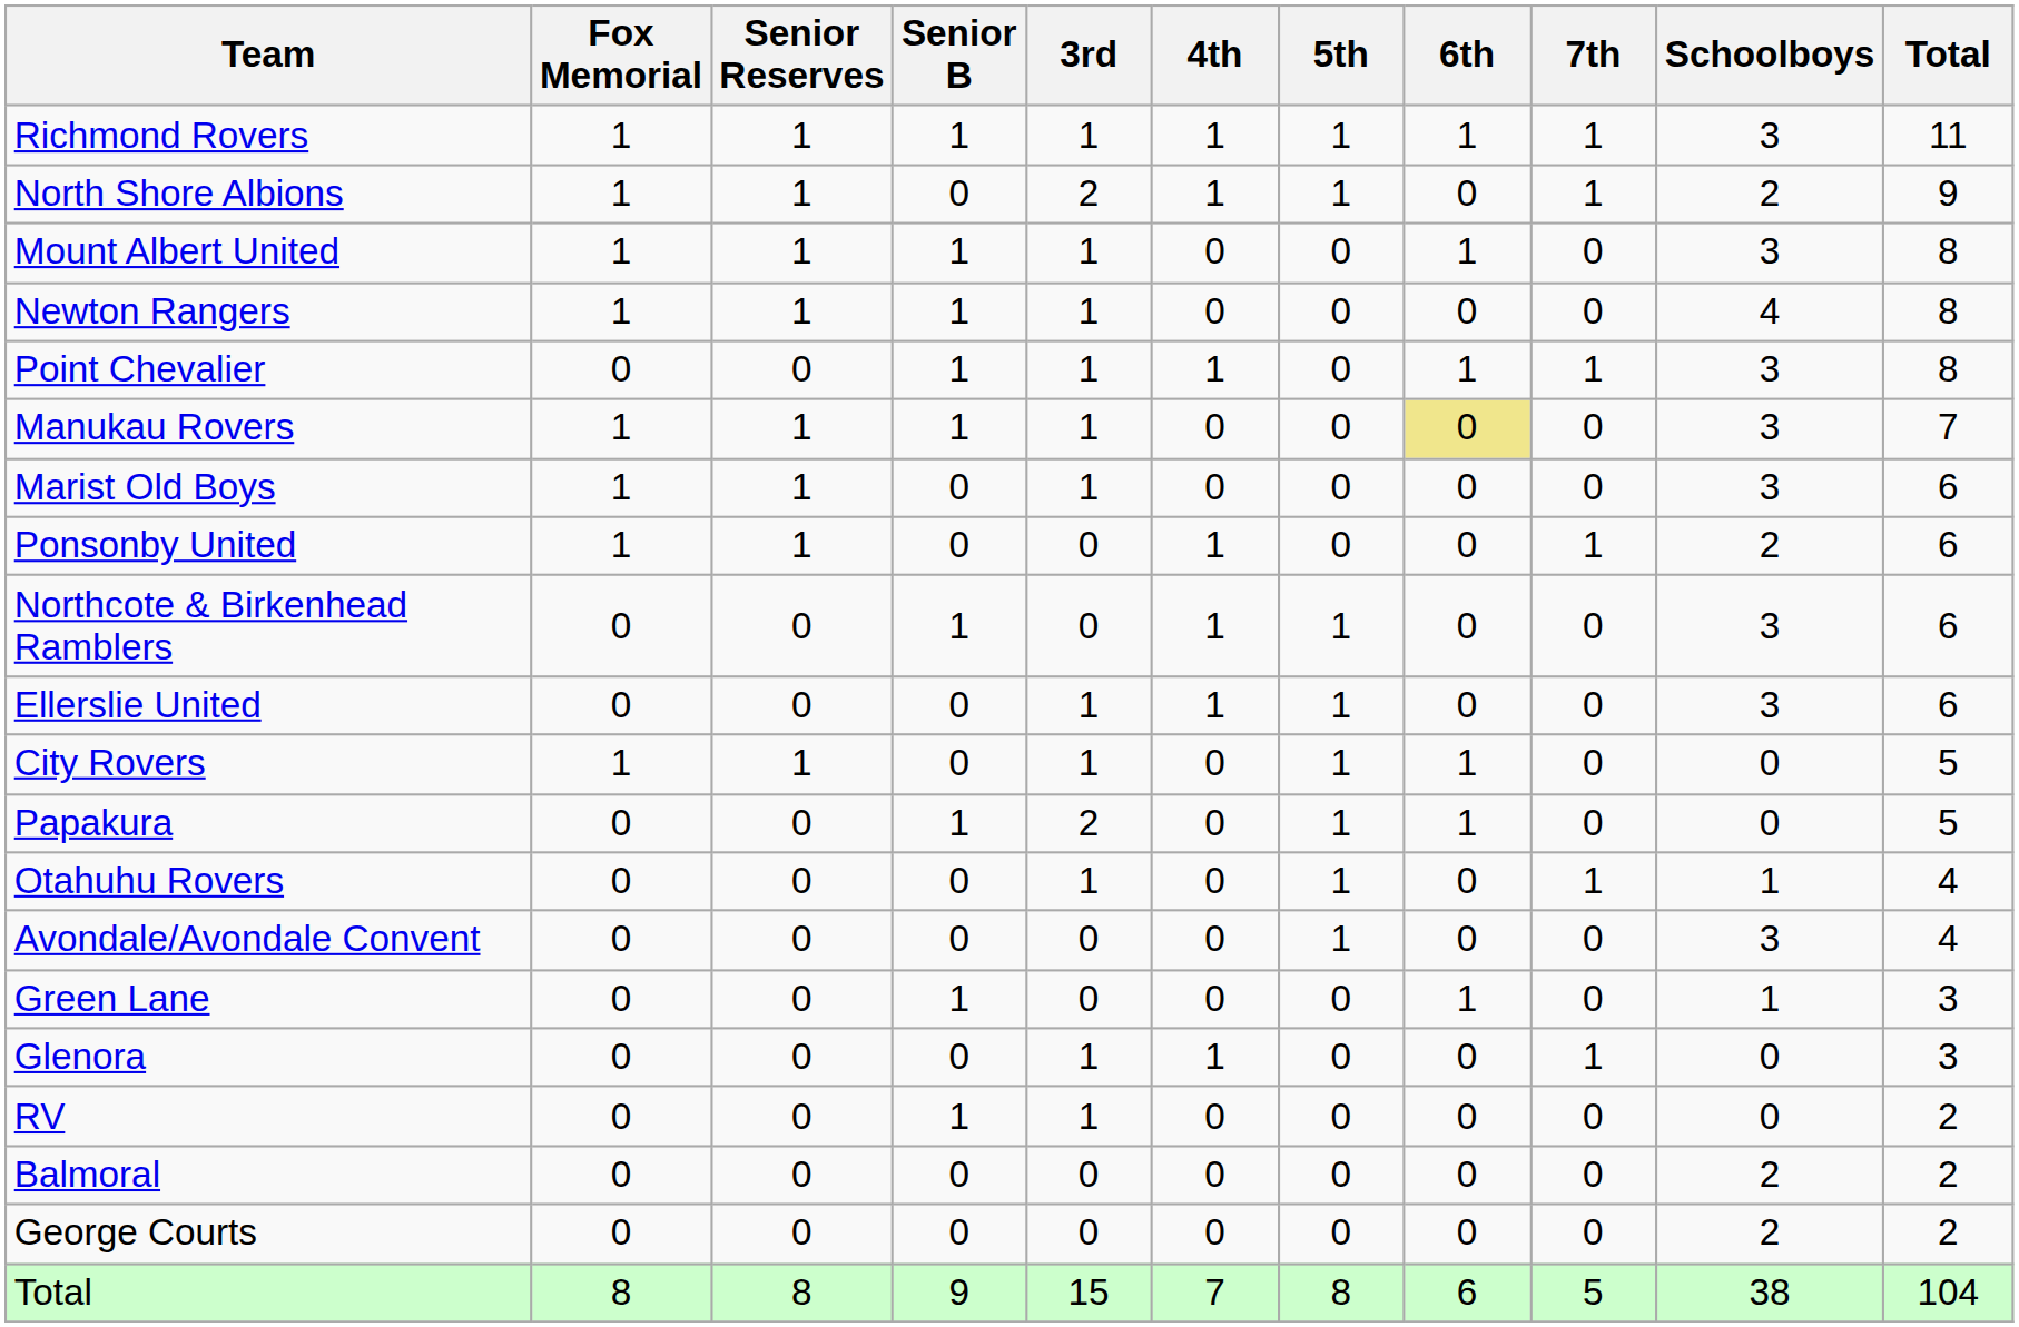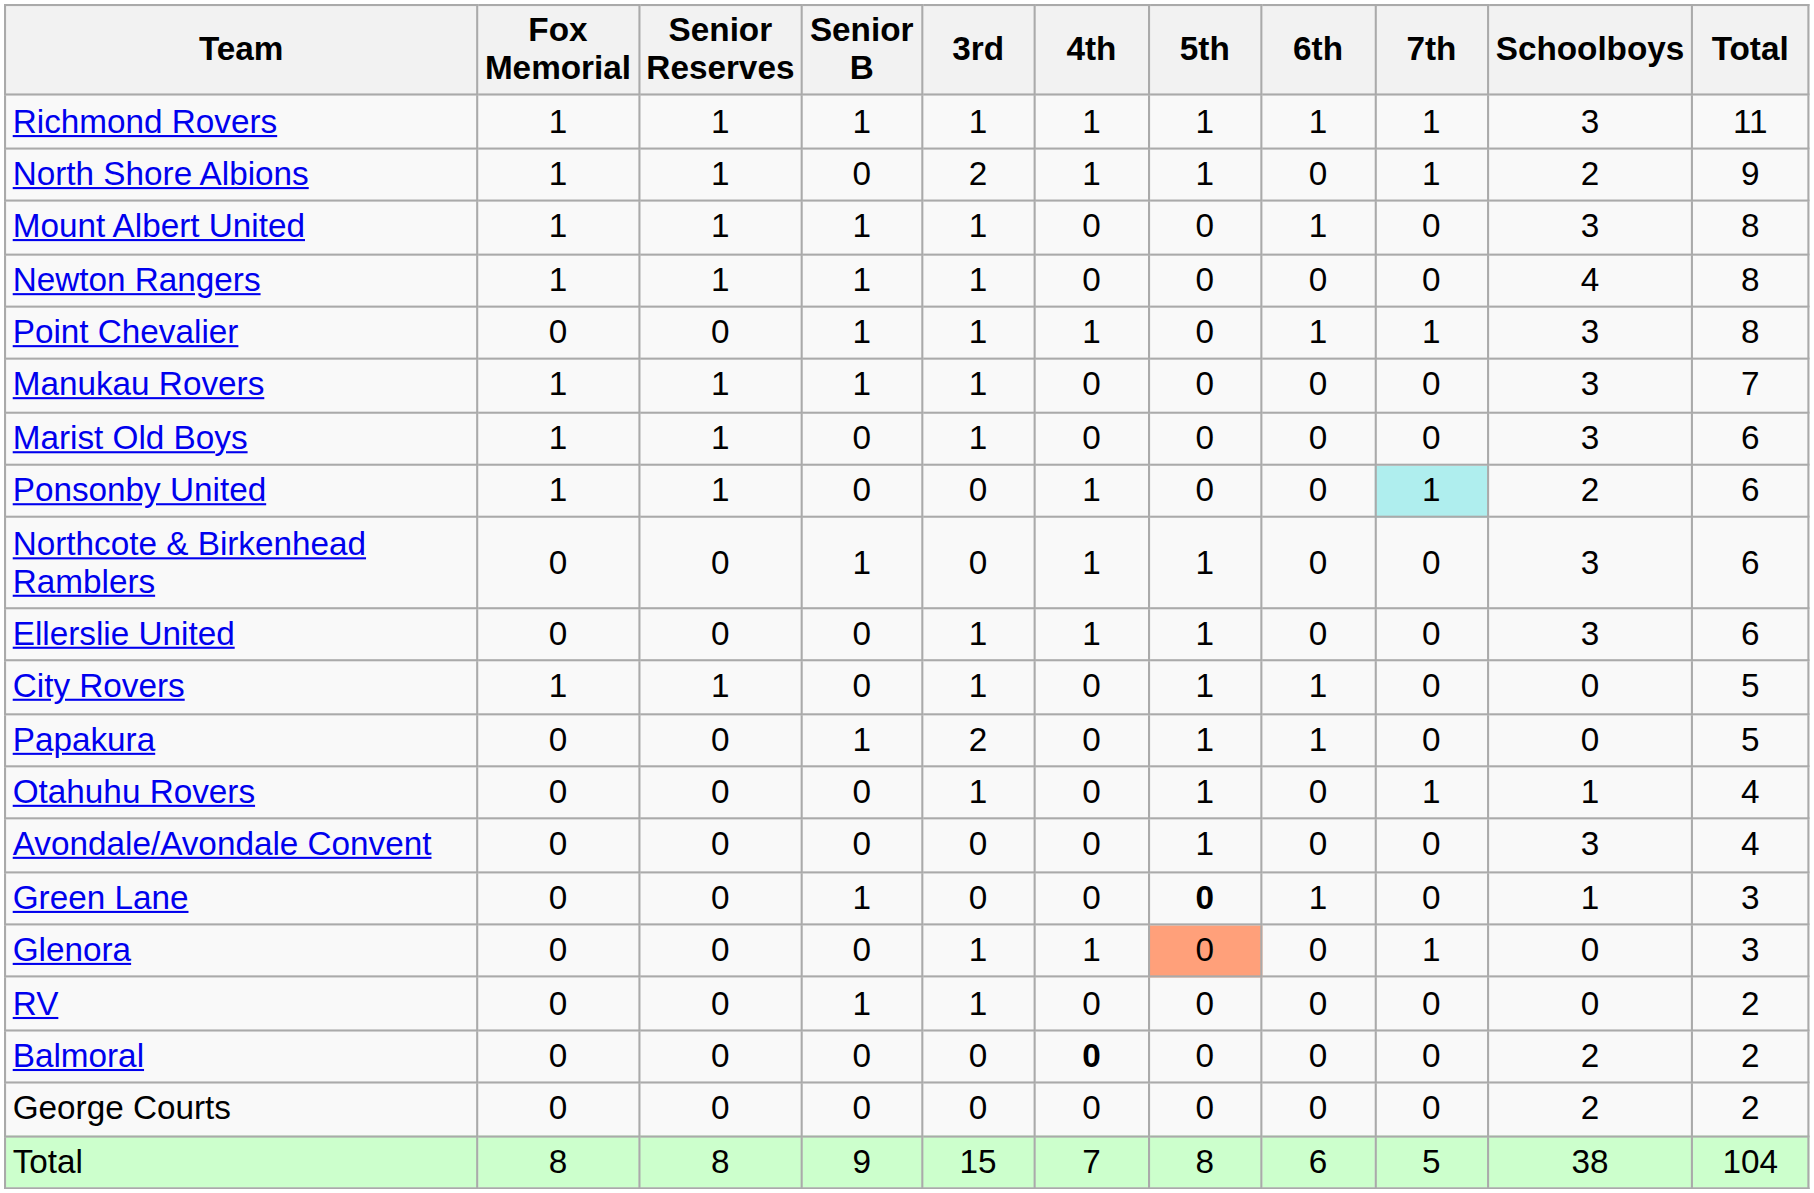 <table class="wikitable" style="text-align:center;">
 <tr>
 <th width=230>Team</th>
 <th width=50 abbr="1st Grade">Fox Memorial</th>
 <th width=50 abbr="Reserves">Senior Reserves</th>
 <th width=50 abbr="Reserves">Senior B</th>
 <th width=50 abbr="3rd Grade">3rd</th>
 <th width=50 abbr="4th Grade">4th</th>
 <th width=50 abbr="5th Grade">5th</th>
 <th width=50 abbr="6th Grade">6th</th>
 <th width=50 abbr="7th Grade">7th</th>
 <th width=50 abbr="Schoolboys">Schoolboys</th>
 <th width=50 abbr="Total">Total</th>
 </tr>
 <tr>
 <td style="text-align:left;"><a href='#'>Richmond Rovers</a></td>
 <td>1</td>
 <td>1</td>
 <td>1</td>
 <td>1</td>
 <td>1</td>
 <td>1</td>
 <td>1</td>
 <td>1</td>
 <td>3</td>
 <td>11</td>
 </tr>
 <tr>
 <td style="text-align:left;"><a href='#'>North Shore Albions</a></td>
 <td>1</td>
 <td>1</td>
 <td>0</td>
 <td>2</td>
 <td>1</td>
 <td>1</td>
 <td>0</td>
 <td>1</td>
 <td>2</td>
 <td>9</td>
 </tr>
 <tr>
 <td style="text-align:left;"><a href='#'>Mount Albert United</a></td>
 <td>1</td>
 <td>1</td>
 <td>1</td>
 <td>1</td>
 <td>0</td>
 <td>0</td>
 <td>1</td>
 <td>0</td>
 <td>3</td>
 <td>8</td>
 </tr>
 <tr>
 <td style="text-align:left;"><a href='#'>Newton Rangers</a></td>
 <td>1</td>
 <td>1</td>
 <td>1</td>
 <td>1</td>
 <td>0</td>
 <td>0</td>
 <td>0</td>
 <td>0</td>
 <td>4</td>
 <td>8</td>
 </tr>
 <tr>
 <td style="text-align:left;"><a href='#'>Point Chevalier</a></td>
 <td>0</td>
 <td>0</td>
 <td>1</td>
 <td>1</td>
 <td>1</td>
 <td>0</td>
 <td>1</td>
 <td>1</td>
 <td>3</td>
 <td>8</td>
 </tr>
 <tr>
 <td style="text-align:left;"><a href='#'>Manukau Rovers</a></td>
 <td>1</td>
 <td>1</td>
 <td>1</td>
 <td>1</td>
 <td>0</td>
 <td>0</td>
-<td style="background: khaki;">0</td>
+<td>0</td>
 <td>0</td>
 <td>3</td>
 <td>7</td>
 </tr>
 <tr>
 <td style="text-align:left;"><a href='#'>Marist Old Boys</a></td>
 <td>1</td>
 <td>1</td>
 <td>0</td>
 <td>1</td>
 <td>0</td>
 <td>0</td>
 <td>0</td>
 <td>0</td>
 <td>3</td>
 <td>6</td>
 </tr>
 <tr>
 <td style="text-align:left;"><a href='#'>Ponsonby United</a></td>
 <td>1</td>
 <td>1</td>
 <td>0</td>
 <td>0</td>
 <td>1</td>
 <td>0</td>
 <td>0</td>
-<td>1</td>
+<td style="background: paleturquoise;">1</td>
 <td>2</td>
 <td>6</td>
 </tr>
 <tr>
 <td style="text-align:left;"><a href='#'>Northcote & Birkenhead Ramblers</a></td>
 <td>0</td>
 <td>0</td>
 <td>1</td>
 <td>0</td>
 <td>1</td>
 <td>1</td>
 <td>0</td>
 <td>0</td>
 <td>3</td>
 <td>6</td>
 </tr>
 <tr>
 <td style="text-align:left;"><a href='#'>Ellerslie United</a></td>
 <td>0</td>
 <td>0</td>
 <td>0</td>
 <td>1</td>
 <td>1</td>
 <td>1</td>
 <td>0</td>
 <td>0</td>
 <td>3</td>
 <td>6</td>
 </tr>
 <tr>
 <td style="text-align:left;"><a href='#'>City Rovers</a></td>
 <td>1</td>
 <td>1</td>
 <td>0</td>
 <td>1</td>
 <td>0</td>
 <td>1</td>
 <td>1</td>
 <td>0</td>
 <td>0</td>
 <td>5</td>
 </tr>
 <tr>
 <td style="text-align:left;"><a href='#'>Papakura</a></td>
 <td>0</td>
 <td>0</td>
 <td>1</td>
 <td>2</td>
 <td>0</td>
 <td>1</td>
 <td>1</td>
 <td>0</td>
 <td>0</td>
 <td>5</td>
 </tr>
 <tr>
 <td style="text-align:left;"><a href='#'>Otahuhu Rovers</a></td>
 <td>0</td>
 <td>0</td>
 <td>0</td>
 <td>1</td>
 <td>0</td>
 <td>1</td>
 <td>0</td>
 <td>1</td>
 <td>1</td>
 <td>4</td>
 </tr>
 <tr>
 <td style="text-align:left;"><a href='#'>Avondale/Avondale Convent</a></td>
 <td>0</td>
 <td>0</td>
 <td>0</td>
 <td>0</td>
 <td>0</td>
 <td>1</td>
 <td>0</td>
 <td>0</td>
 <td>3</td>
 <td>4</td>
 </tr>
 <tr>
 <td style="text-align:left;"><a href='#'>Green Lane</a></td>
 <td>0</td>
 <td>0</td>
 <td>1</td>
 <td>0</td>
 <td>0</td>
-<td>0</td>
+<td><strong>0</strong></td>
 <td>1</td>
 <td>0</td>
 <td>1</td>
 <td>3</td>
 </tr>
 <tr>
 <td style="text-align:left;"><a href='#'>Glenora</a></td>
 <td>0</td>
 <td>0</td>
 <td>0</td>
 <td>1</td>
 <td>1</td>
-<td>0</td>
+<td style="background: lightsalmon;">0</td>
 <td>0</td>
 <td>1</td>
 <td>0</td>
 <td>3</td>
 </tr>
 <tr>
 <td style="text-align:left;"><a href='#'>RV</a></td>
 <td>0</td>
 <td>0</td>
 <td>1</td>
 <td>1</td>
 <td>0</td>
 <td>0</td>
 <td>0</td>
 <td>0</td>
 <td>0</td>
 <td>2</td>
 </tr>
 <tr>
 <td style="text-align:left;"><a href='#'>Balmoral</a></td>
 <td>0</td>
 <td>0</td>
 <td>0</td>
 <td>0</td>
-<td>0</td>
+<td><strong>0</strong></td>
 <td>0</td>
 <td>0</td>
 <td>0</td>
 <td>2</td>
 <td>2</td>
 </tr>
 <tr>
 <td style="text-align:left;">George Courts</td>
 <td>0</td>
 <td>0</td>
 <td>0</td>
 <td>0</td>
 <td>0</td>
 <td>0</td>
 <td>0</td>
 <td>0</td>
 <td>2</td>
 <td>2</td>
 </tr>
 <tr style="background: #ccffcc;">
 <td style="text-align:left;">Total</td>
 <td>8</td>
 <td>8</td>
 <td>9</td>
 <td>15</td>
 <td>7</td>
 <td>8</td>
 <td>6</td>
 <td>5</td>
 <td>38</td>
 <td>104</td>
 </tr>
 <tr>
 </tr>
 </table>
